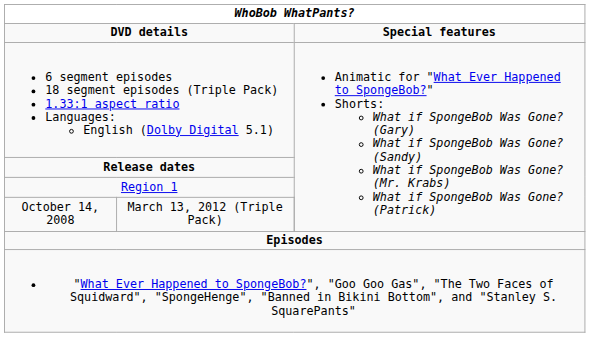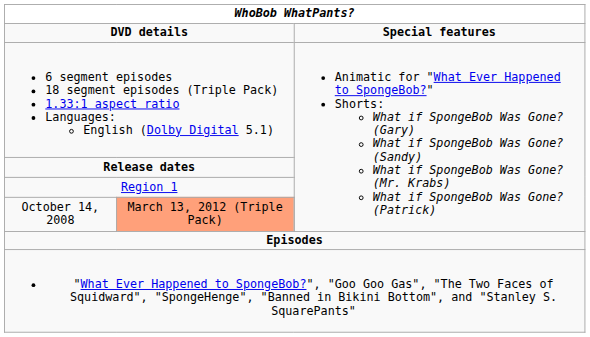 <table class="wikitable" style="font-size: 95%;">
 <tr style="background:#FFF; color:#000;">
 <td colspan="4" align="center"><strong><em>WhoBob WhatPants?</em></strong></td>
 </tr>
 <tr valign="top">
 <td style="text-align:center; width:400px;" colspan="3"><strong>DVD details</strong></td>
 <td style="width:300px; text-align:center;"><strong>Special features</strong></td>
 </tr>
 <tr valign="top">
 <td colspan="3" style="text-align:left; width:400px;"><br><ul><li>6 segment episodes</li><li>18 segment episodes (Triple Pack)</li><li><a href='#'>1.33:1 aspect ratio</a></li><li>Languages:<ul><li>English (<a href='#'>Dolby Digital</a> 5.1)</li></ul></li></ul></td>
 <td rowspan="4" style="text-align:left; width:300px;"><br><ul><li>Animatic for "<a href='#'>What Ever Happened to SpongeBob?</a>"</li><li>Shorts:<ul><li><em>What if SpongeBob Was Gone? (Gary)</em></li><li><em>What if SpongeBob Was Gone? (Sandy)</em></li><li><em>What if SpongeBob Was Gone? (Mr. Krabs)</em></li><li><em>What if SpongeBob Was Gone? (Patrick)</em></li></ul></li></ul></td>
 </tr>
 <tr>
 <td colspan="3" style="text-align:center;"><strong>Release dates</strong></td>
 </tr>
 <tr>
 <td colspan="3" style="text-align:center;"><a href='#'>Region 1</a></td>
 </tr>
 <tr style="text-align:center;">
 <td>October 14, 2008</td>
-<td>March 13, 2012 (Triple Pack)</td>
+<td style="background: lightsalmon;">March 13, 2012 (Triple Pack)</td>
 </tr>
 <tr>
 <td style="text-align:center; width:400px;" colspan="4"><strong>Episodes</strong></td>
 </tr>
 <tr>
 <td style="text-align:center; width:400px;" colspan="4"><br><ul><li>"<a href='#'>What Ever Happened to SpongeBob?</a>", "Goo Goo Gas", "The Two Faces of Squidward", "SpongeHenge", "Banned in Bikini Bottom", and "Stanley S. SquarePants"</li></ul></td>
 </tr>
 </table>
